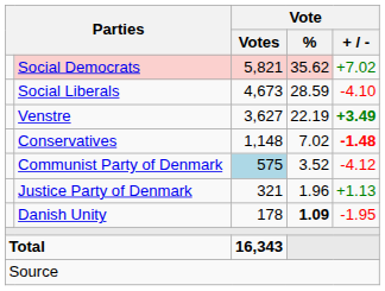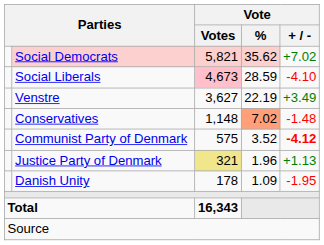 <table class="wikitable" style="text-align:right;">
 <tr>
 <th style="text-align:centre;" rowspan="2" colspan="2" width="225">Parties</th>
 <th colspan="3">Vote</th>
 </tr>
 <tr>
 <th width="15">Votes</th>
 <th width="15">%</th>
 <th width="15">+ / -</th>
 </tr>
 <tr>
 <td width="2" style="color:inherit;background:"></td>
 <td bgcolor=#fbd0ce  align="left"><a href='#'>Social Democrats</a></td>
 <td bgcolor=#fbd0ce>5,821</td>
 <td bgcolor=#fbd0ce>35.62</td>
 <td style=color:green;>+7.02</td>
 </tr>
 <tr>
 <td width="2" style="color:inherit;background:"></td>
 <td align="left"><a href='#'>Social Liberals</a></td>
-<td>4,673</td>
+<td style="background: pink;">4,673</td>
 <td>28.59</td>
 <td style=color:red;>-4.10</td>
 </tr>
 <tr>
 <td width="2" style="color:inherit;background:"></td>
 <td align="left"><a href='#'>Venstre</a></td>
 <td>3,627</td>
 <td>22.19</td>
-<td style=color:green;><strong>+3.49</strong></td>
+<td style=color:green;>+3.49</td>
 </tr>
 <tr>
 <td width="2" style="color:inherit;background:"></td>
 <td align="left"><a href='#'>Conservatives</a></td>
 <td>1,148</td>
-<td>7.02</td>
-<td style=color:red;><strong>-1.48</strong></td>
+<td style="background: lightsalmon;">7.02</td>
+<td style=color:red;>-1.48</td>
 </tr>
 <tr>
 <td width="2" style="color:inherit;background:"></td>
 <td align="left"><a href='#'>Communist Party of Denmark</a></td>
-<td style="background: lightblue;">575</td>
+<td>575</td>
 <td>3.52</td>
-<td style=color:red;>-4.12</td>
+<td style=color:red;><strong>-4.12</strong></td>
 </tr>
 <tr>
 <td width="2" style="color:inherit;background:"></td>
 <td align="left"><a href='#'>Justice Party of Denmark</a></td>
-<td>321</td>
+<td style="background: khaki;">321</td>
 <td>1.96</td>
 <td style=color:green;>+1.13</td>
 </tr>
 <tr>
 <td width="2" style="color:inherit;background:"></td>
 <td align="left"><a href='#'>Danish Unity</a></td>
 <td>178</td>
-<td><strong>1.09</strong></td>
+<td>1.09</td>
 <td style=color:red;>-1.95</td>
 </tr>
 <tr>
 <td colspan="7" bgcolor="#E9E9E9"></td>
 </tr>
 <tr>
 <td align="left" colspan="2"><strong>Total</strong></td>
 <td><strong>16,343</strong></td>
 <td bgcolor="#E9E9E9" colspan="2"></td>
 </tr>
 <tr>
 <td align="left" colspan="6">Source</td>
 </tr>
 </table>
